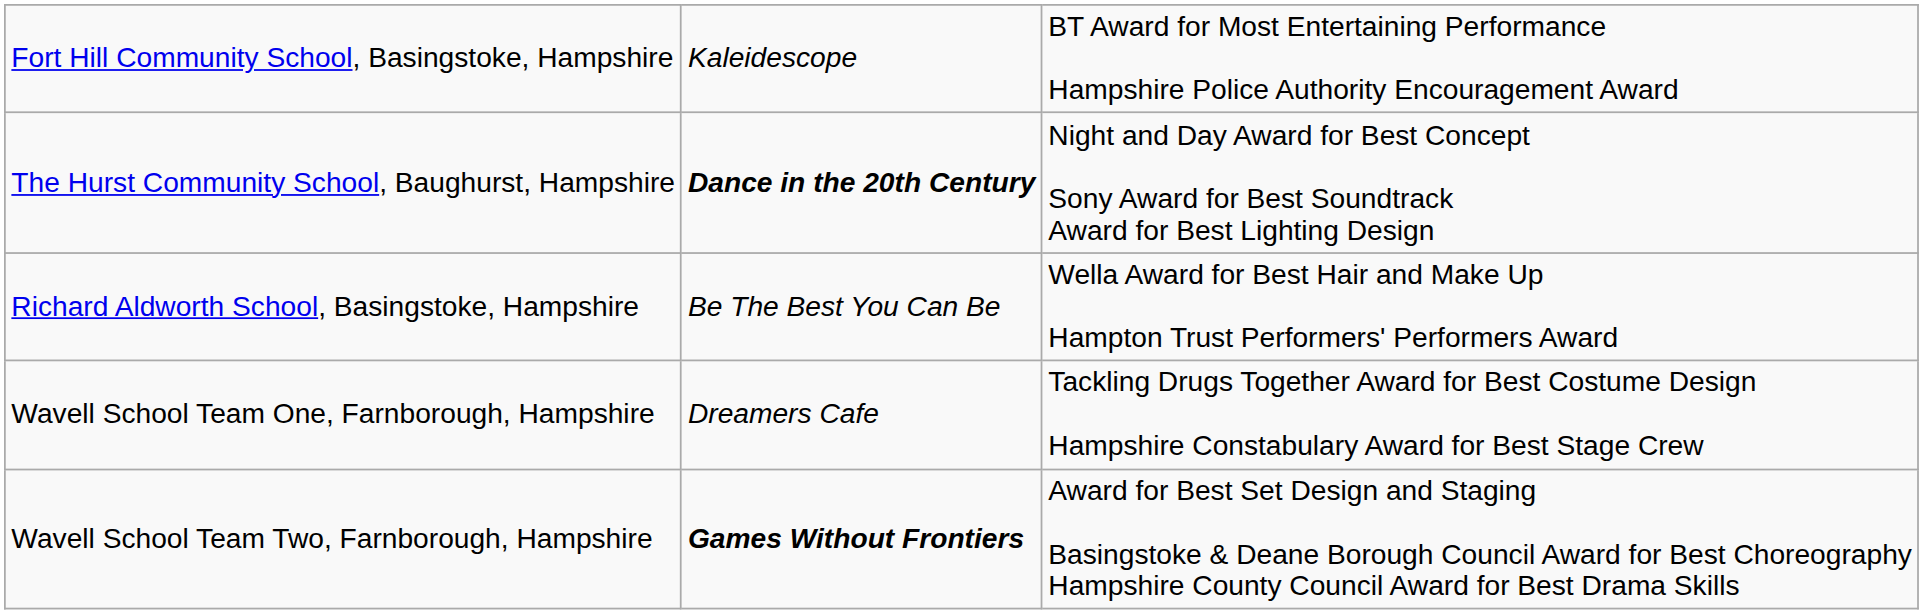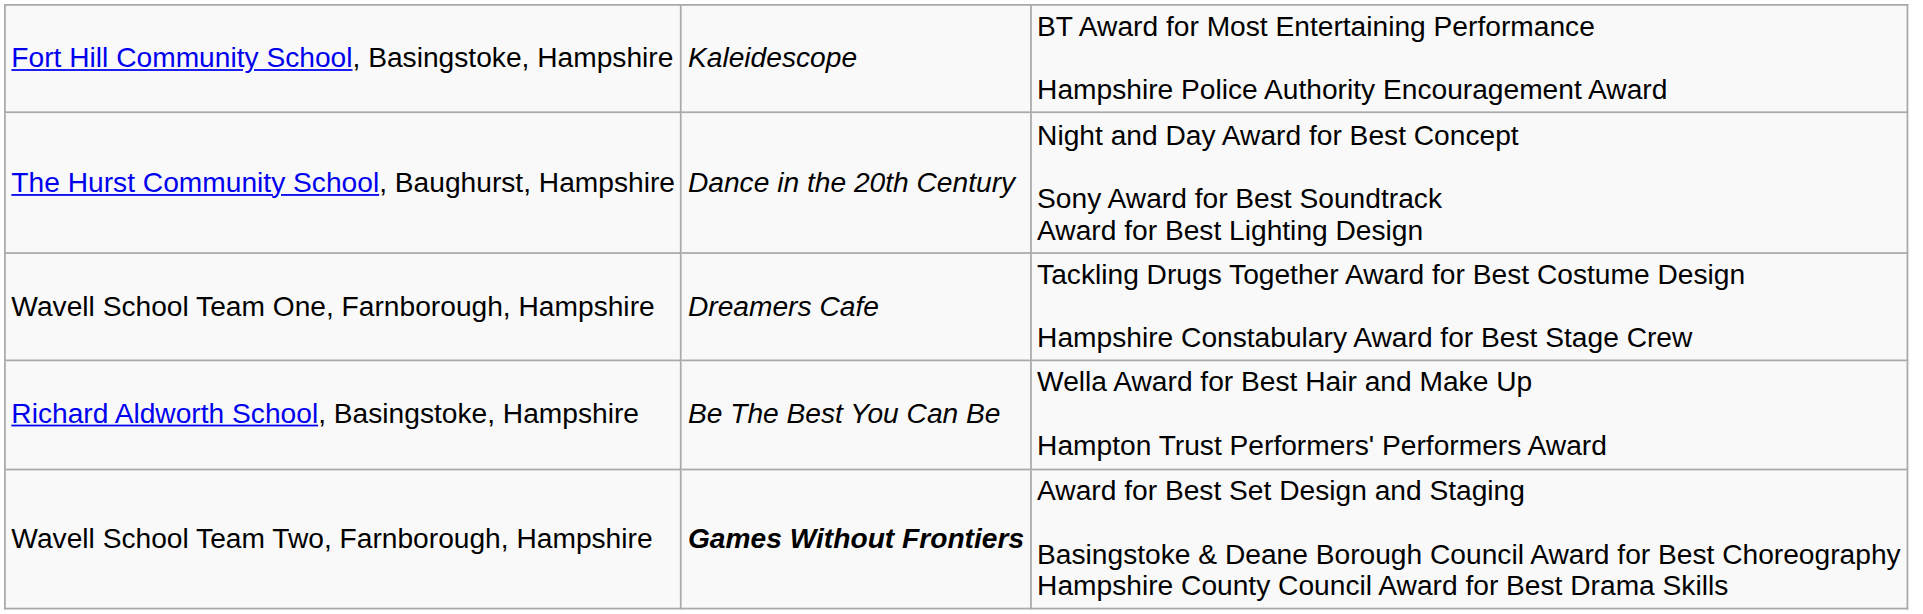 <table class="wikitable">
 <tr>
 <td><a href='#'>Fort Hill Community School</a>, Basingstoke, Hampshire</td>
 <td><em>Kaleidescope</em></td>
 <td>BT Award for Most Entertaining Performance<br><br>Hampshire Police Authority Encouragement Award</td>
 </tr>
 <tr>
 <td><a href='#'>The Hurst Community School</a>, Baughurst, Hampshire</td>
-<td><strong><em>Dance in the 20th Century</em></strong></td>
+<td><em>Dance in the 20th Century</em></td>
 <td>Night and Day Award for Best Concept<br><br>Sony Award for Best Soundtrack<br> Award for Best Lighting Design</td>
+</tr>
+<tr>
+<td>Wavell School Team One, Farnborough, Hampshire</td>
+<td><em>Dreamers Cafe</em></td>
+<td>Tackling Drugs Together Award for Best Costume Design<br><br>Hampshire Constabulary Award for Best Stage Crew</td>
 </tr>
 <tr>
 <td><a href='#'>Richard Aldworth School</a>, Basingstoke, Hampshire</td>
 <td><em>Be The Best You Can Be</em></td>
 <td>Wella Award for Best Hair and Make Up<br><br>Hampton Trust Performers' Performers Award</td>
 </tr>
 <tr>
-<td>Wavell School Team One, Farnborough, Hampshire</td>
-<td><em>Dreamers Cafe</em></td>
-<td>Tackling Drugs Together Award for Best Costume Design<br><br>Hampshire Constabulary Award for Best Stage Crew</td>
-</tr>
-<tr>
 <td>Wavell School Team Two, Farnborough, Hampshire</td>
 <td><strong><em>Games Without Frontiers</em></strong></td>
 <td>Award for Best Set Design and Staging<br><br>Basingstoke & Deane Borough Council Award for Best Choreography<br> Hampshire County Council Award for Best Drama Skills</td>
 </tr>
 </table>
